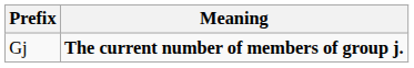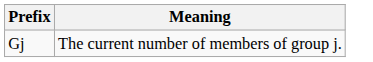 <table class="wikitable">
 <tr>
 <th>Prefix</th>
 <th>Meaning</th>
 </tr>
 <tr>
 <td>Gj</td>
-<td><strong>The current number of members of group j.</strong></td>
+<td>The current number of members of group j.</td>
 </tr>
 </table>
